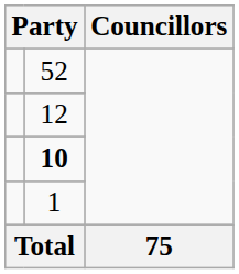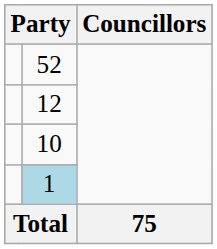 <table class="wikitable">
 <tr>
 <th colspan=2>Party</th>
 <th>Councillors</th>
 </tr>
 <tr>
 <td></td>
 <td align=center>52</td>
 </tr>
 <tr>
 <td></td>
 <td align=center>12</td>
 </tr>
 <tr>
 <td></td>
-<td align=center><strong>10</strong></td>
+<td align=center>10</td>
 </tr>
 <tr>
 <td></td>
-<td align=center>1</td>
+<td align=center style="background: lightblue;">1</td>
 </tr>
 <tr>
 <th colspan=2>Total</th>
 <th align=center>75</th>
 </tr>
 </table>
